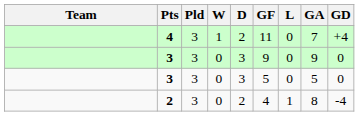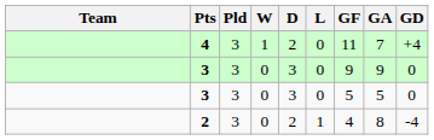 <table class="wikitable" style="text-align: center;">
 <tr>
 <th width=175>Team</th>
 <th width=20>Pts</th>
 <th width=20>Pld</th>
 <th width=20>W</th>
 <th width=20>D</th>
+<th width=20>L</th>
 <th width=20>GF</th>
-<th width=20>L</th>
 <th width=20>GA</th>
 <th width=20>GD</th>
 </tr>
 <tr bgcolor=ccffcc>
 <td align=left></td>
 <td><strong>4</strong></td>
 <td>3</td>
 <td>1</td>
 <td>2</td>
+<td>0</td>
 <td>11</td>
-<td>0</td>
 <td>7</td>
 <td>+4</td>
 </tr>
 <tr bgcolor=ccffcc>
 <td align=left></td>
 <td><strong>3</strong></td>
 <td>3</td>
 <td>0</td>
 <td>3</td>
+<td>0</td>
 <td>9</td>
-<td>0</td>
 <td>9</td>
 <td>0</td>
 </tr>
 <tr>
 <td align=left></td>
 <td><strong>3</strong></td>
 <td>3</td>
 <td>0</td>
 <td>3</td>
+<td>0</td>
 <td>5</td>
-<td>0</td>
 <td>5</td>
 <td>0</td>
 </tr>
 <tr>
 <td align=left></td>
 <td><strong>2</strong></td>
 <td>3</td>
 <td>0</td>
 <td>2</td>
+<td>1</td>
 <td>4</td>
-<td>1</td>
 <td>8</td>
 <td>-4</td>
 </tr>
 </table>
